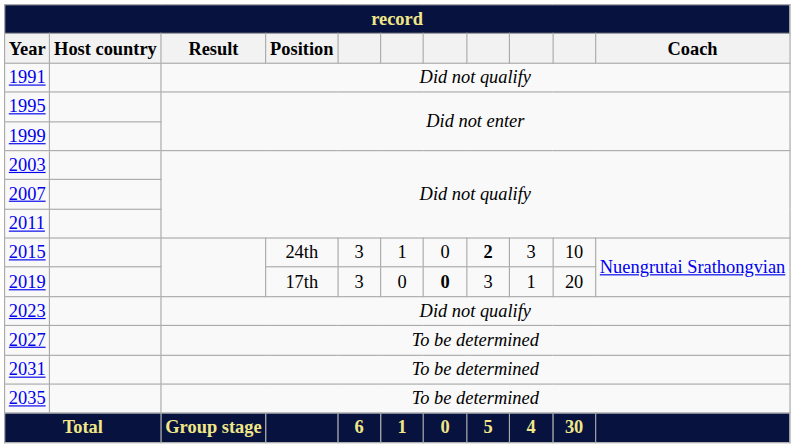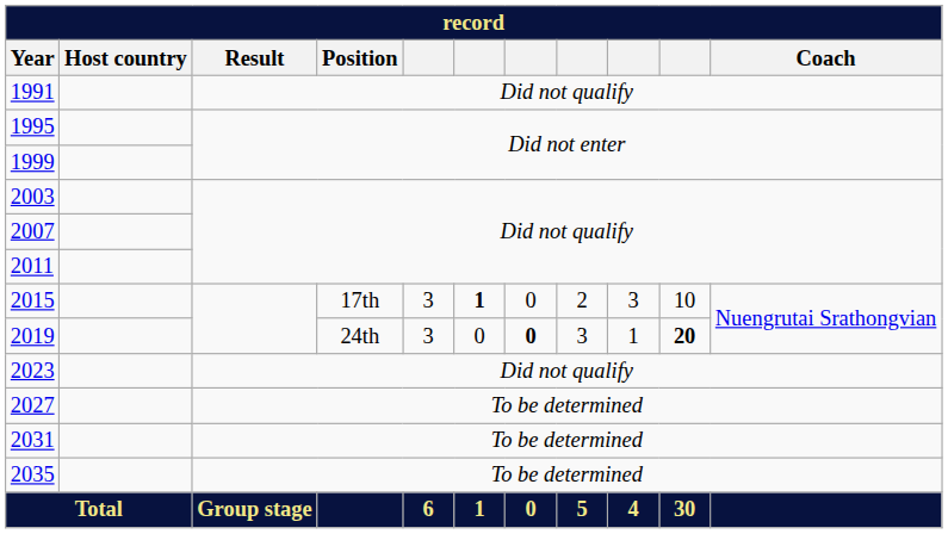 <table class="wikitable" style="text-align: center;">
 <tr>
 <th colspan=11 style="background: #07123F; color: #F1E788;"><a href='#'></a> record</th>
 </tr>
 <tr>
 <th>Year</th>
 <th>Host country</th>
 <th>Result</th>
 <th>Position</th>
 <th width=30></th>
 <th width=30></th>
 <th width=30></th>
 <th width=30></th>
 <th width=30></th>
 <th width=30></th>
 <th>Coach</th>
 </tr>
 <tr>
 <td style="text-align: left;"><a href='#'>1991</a></td>
 <td style="text-align: left;"></td>
 <td rowspan="1" colspan="9"><em>Did not qualify</em></td>
 </tr>
 <tr>
 <td style="text-align: left;"><a href='#'>1995</a></td>
 <td style="text-align: left;"></td>
 <td rowspan="2" colspan="9"><em>Did not enter</em></td>
 </tr>
 <tr>
 <td style="text-align: left;"><a href='#'>1999</a></td>
 <td style="text-align: left;"></td>
 </tr>
 <tr>
 <td style="text-align: left;"><a href='#'>2003</a></td>
 <td style="text-align: left;"></td>
 <td rowspan="3" colspan="9"><em>Did not qualify</em></td>
 </tr>
 <tr>
 <td style="text-align: left;"><a href='#'>2007</a></td>
 <td style="text-align: left;"></td>
 </tr>
 <tr>
 <td style="text-align: left;"><a href='#'>2011</a></td>
 <td style="text-align: left;"></td>
 </tr>
 <tr>
 <td style="text-align: left;"><a href='#'>2015</a></td>
 <td style="text-align: left;"></td>
 <td rowspan="2"></td>
-<td>24th</td>
+<td>17th</td>
 <td>3</td>
-<td>1</td>
+<td><strong>1</strong></td>
 <td>0</td>
-<td><strong>2</strong></td>
+<td>2</td>
 <td>3</td>
 <td>10</td>
 <td rowspan=2><a href='#'>Nuengrutai Srathongvian</a></td>
 </tr>
 <tr>
 <td style="text-align: left;"><a href='#'>2019</a></td>
 <td style="text-align: left;"></td>
-<td>17th</td>
+<td>24th</td>
 <td>3</td>
 <td>0</td>
 <td><strong>0</strong></td>
 <td>3</td>
 <td>1</td>
-<td>20</td>
+<td><strong>20</strong></td>
 </tr>
 <tr>
 <td style="text-align: left;"><a href='#'>2023</a></td>
 <td style="text-align: left;"><br></td>
 <td rowspan="1" colspan="9"><em>Did not qualify</em></td>
 </tr>
 <tr>
 <td style="text-align: left;"><a href='#'>2027</a></td>
 <td style="text-align: left;"></td>
 <td colspan="10"><em>To be determined</em></td>
 </tr>
 <tr>
 <td style="text-align: left;"><a href='#'>2031</a></td>
 <td style="text-align: left;"><br></td>
 <td colspan="10"><em>To be determined</em></td>
 </tr>
 <tr>
 <td style="text-align: left;"><a href='#'>2035</a></td>
 <td style="text-align: left;"></td>
 <td colspan="10"><em>To be determined</em></td>
 </tr>
 <tr>
 <th colspan=2 style="background: #07123F; color: #F1E788;"><strong>Total</strong></th>
 <td style="background: #07123F; color: #F1E788;"><strong>Group stage</strong></td>
 <td style="background: #07123F; color: #F1E788;"><strong></strong></td>
 <td style="background: #07123F; color: #F1E788;"><strong>6</strong></td>
 <td style="background: #07123F; color: #F1E788;"><strong>1</strong></td>
 <td style="background: #07123F; color: #F1E788;"><strong>0</strong></td>
 <td style="background: #07123F; color: #F1E788;"><strong>5</strong></td>
 <td style="background: #07123F; color: #F1E788;"><strong>4</strong></td>
 <td style="background: #07123F; color: #F1E788;"><strong>30</strong></td>
 <td style="background: #07123F; color: #F1E788;"></td>
 </tr>
 </table>
